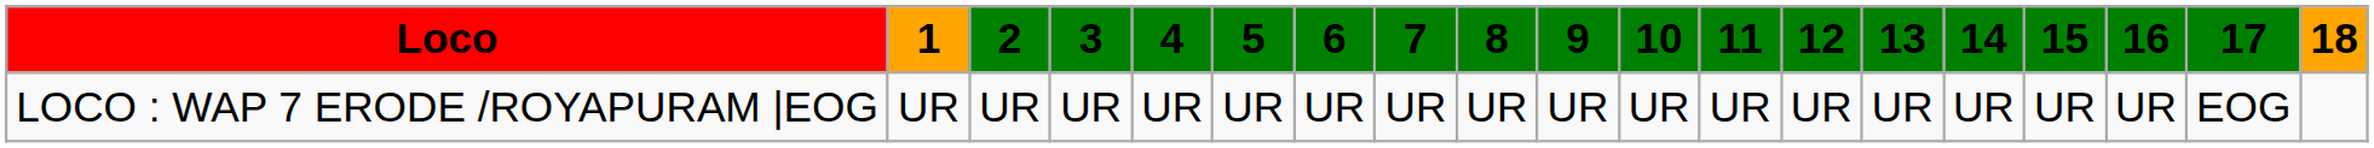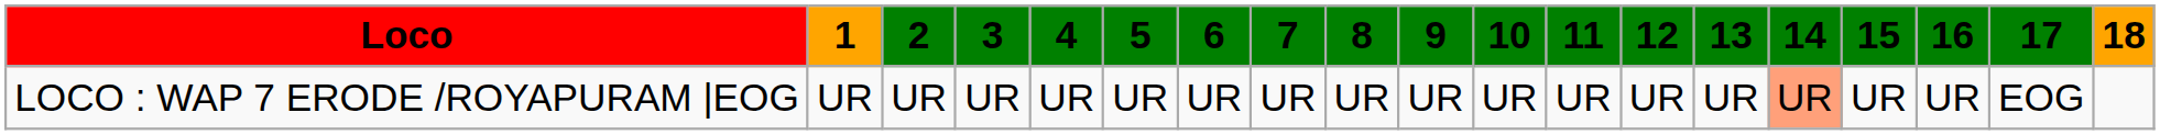 <table class="wikitable plainrowheaders unsortable" style="text-align:center">
 <tr>
 <th scope="col" rowspan="1" style="background:RED;">Loco</th>
 <th scope="col" rowspan="1" style="background:ORANGE;">1</th>
 <th scope="col" rowspan="1" style="background:GREEN;">2</th>
 <th scope="col" rowspan="1" style="background:GREEN;">3</th>
 <th scope="col" rowspan="1" style="background:GREEN;">4</th>
 <th scope="col" rowspan="1" style="background:GREEN;">5</th>
 <th scope="col" rowspan="1" style="background:GREEN;">6</th>
 <th scope="col" rowspan="1" style="background:GREEN;">7</th>
 <th scope="col" rowspan="1" style="background:GREEN;">8</th>
 <th scope="col" rowspan="1" style="background:GREEN;">9</th>
 <th scope="col" rowspan="1" style="background:GREEN;">10</th>
 <th scope="col" rowspan="1" style="background:GREEN;">11</th>
 <th scope="col" rowspan="1" style="background:GREEN;">12</th>
 <th scope="col" rowspan="1" style="background:GREEN;">13</th>
 <th scope="col" rowspan="1" style="background:GREEN;">14</th>
 <th scope="col" rowspan="1" style="background:GREEN;">15</th>
 <th scope="col" rowspan="1" style="background:GREEN;">16</th>
 <th scope="col" rowspan="1" style="background:GREEN;">17</th>
 <th scope="col" rowspan="1" style="background:ORANGE;">18</th>
 </tr>
 <tr>
 <td>LOCO : WAP 7 ERODE /ROYAPURAM |EOG</td>
 <td>UR</td>
 <td>UR</td>
 <td>UR</td>
 <td>UR</td>
 <td>UR</td>
 <td>UR</td>
 <td>UR</td>
 <td>UR</td>
 <td>UR</td>
 <td>UR</td>
 <td>UR</td>
 <td>UR</td>
 <td>UR</td>
-<td>UR</td>
+<td style="background: lightsalmon;">UR</td>
 <td>UR</td>
 <td>UR</td>
 <td>EOG</td>
 </tr>
 </table>
